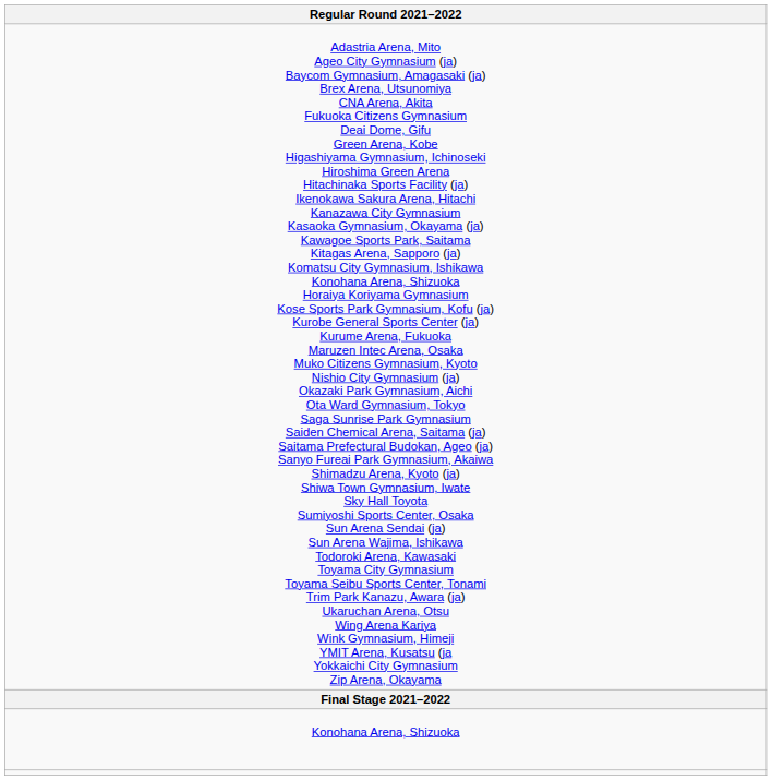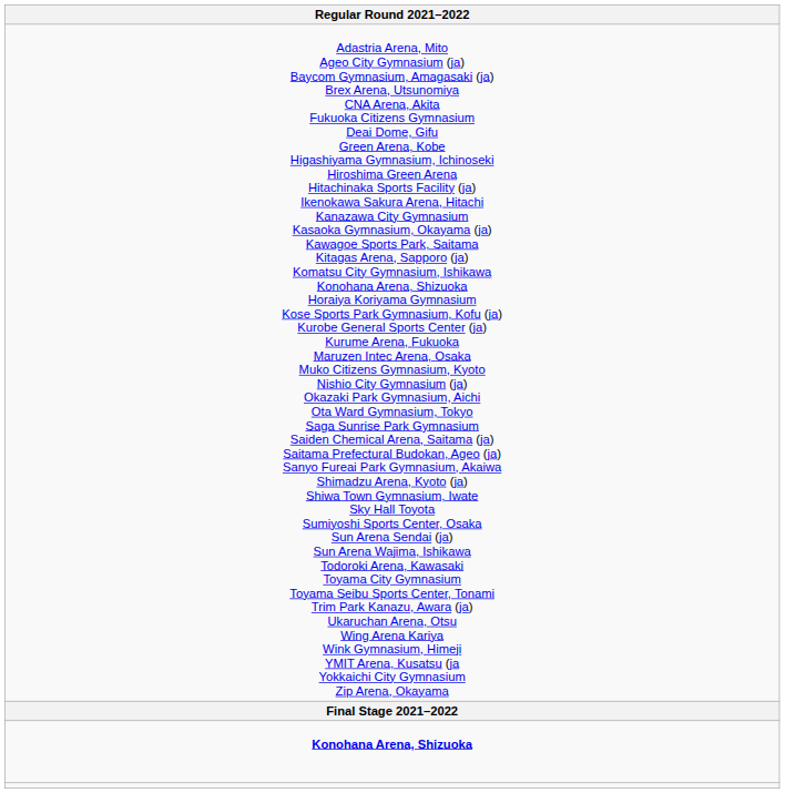 <table class="wikitable" style=text-align:center width=999>
 <tr>
 <th colspan=2>Regular Round 2021–2022</th>
 </tr>
 <tr>
 <td><br> <a href='#'>Adastria Arena, Mito</a><br> <a href='#'>Ageo City Gymnasium</a>  (<a href='#'>ja</a>)<br> <a href='#'>Baycom Gymnasium, Amagasaki</a> (<a href='#'>ja</a>)<br> <a href='#'>Brex Arena, Utsunomiya</a><br> <a href='#'>CNA Arena, Akita</a><br> <a href='#'>Fukuoka Citizens Gymnasium</a><br> <a href='#'>Deai Dome, Gifu</a><br> <a href='#'>Green Arena, Kobe</a><br> <a href='#'>Higashiyama Gymnasium, Ichinoseki</a><br> <a href='#'>Hiroshima Green Arena</a><br> <a href='#'>Hitachinaka Sports Facility</a> (<a href='#'>ja</a>)<br> <a href='#'>Ikenokawa Sakura Arena, Hitachi</a><br> <a href='#'>Kanazawa City Gymnasium</a><br> <a href='#'>Kasaoka Gymnasium, Okayama</a> (<a href='#'>ja</a>)<br> <a href='#'>Kawagoe Sports Park, Saitama</a><br> <a href='#'> Kitagas Arena, Sapporo</a> (<a href='#'>ja</a>)<br> <a href='#'>Komatsu City Gymnasium, Ishikawa</a><br> <a href='#'> Konohana Arena, Shizuoka</a><br> <a href='#'>Horaiya Koriyama Gymnasium</a><br> <a href='#'>Kose Sports Park Gymnasium, Kofu</a> (<a href='#'>ja</a>)<br> <a href='#'>Kurobe General Sports Center</a> (<a href='#'>ja</a>)<br> <a href='#'> Kurume Arena, Fukuoka</a><br> <a href='#'>Maruzen Intec Arena, Osaka</a><br> <a href='#'> Muko Citizens Gymnasium, Kyoto</a><br> <a href='#'>Nishio City Gymnasium</a> (<a href='#'>ja</a>)<br> <a href='#'>Okazaki Park Gymnasium, Aichi</a><br> <a href='#'>Ota Ward Gymnasium, Tokyo</a><br> <a href='#'>Saga Sunrise Park Gymnasium</a><br> <a href='#'> Saiden Chemical Arena, Saitama</a> (<a href='#'>ja</a>)<br> <a href='#'> Saitama Prefectural Budokan, Ageo</a> (<a href='#'>ja</a>)<br> <a href='#'>Sanyo Fureai Park Gymnasium, Akaiwa</a><br> <a href='#'> Shimadzu Arena, Kyoto</a> (<a href='#'>ja</a>)<br> <a href='#'>Shiwa Town Gymnasium, Iwate</a><br> <a href='#'>Sky Hall Toyota</a><br> <a href='#'>Sumiyoshi Sports Center, Osaka</a><br> <a href='#'>Sun Arena Sendai</a> (<a href='#'>ja</a>)<br> <a href='#'>Sun Arena Wajima, Ishikawa</a><br> <a href='#'>Todoroki Arena, Kawasaki</a><br> <a href='#'>Toyama City Gymnasium</a><br> <a href='#'> Toyama Seibu Sports Center, Tonami</a><br> <a href='#'>Trim Park Kanazu, Awara</a> (<a href='#'>ja</a>)<br> <a href='#'> Ukaruchan Arena, Otsu</a><br> <a href='#'>Wing Arena Kariya</a><br> <a href='#'>Wink Gymnasium, Himeji</a><br> <a href='#'>YMIT Arena, Kusatsu</a>  (<a href='#'>ja</a><br> <a href='#'>Yokkaichi City Gymnasium</a><br> <a href='#'>Zip Arena, Okayama</a><br></td>
 </tr>
 <tr>
 <th colspan=2>Final Stage 2021–2022</th>
 </tr>
 <tr>
-<td><br> <a href='#'> Konohana Arena, Shizuoka</a><br> <br><br> </td>
+<td><strong><br> <a href='#'> Konohana Arena, Shizuoka</a><br> <br><br> </strong></td>
 </tr>
 <tr>
 <td colspan="2"></td>
 </tr>
 </table>
